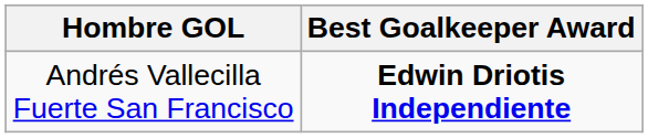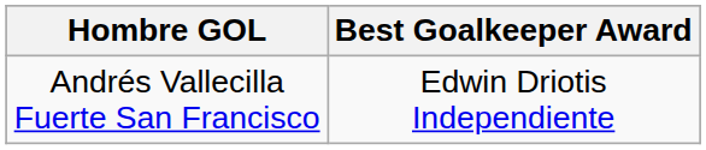 <table class="wikitable" style="margin: 0 auto;">
 <tr>
 <th>Hombre GOL</th>
 <th>Best Goalkeeper Award</th>
 </tr>
 <tr>
 <td align=center> Andrés Vallecilla <br><a href='#'>Fuerte San Francisco</a></td>
-<td align=center><strong> Edwin Driotis <br><a href='#'>Independiente</a></strong></td>
+<td align=center> Edwin Driotis <br><a href='#'>Independiente</a></td>
 </tr>
 </table>
